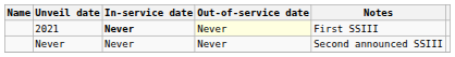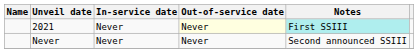 <table class="wikitable sortable">
 <tr>
 <th>Name</th>
 <th>Unveil date</th>
 <th>In-service date</th>
 <th>Out-of-service date</th>
 <th class=unsortable>Notes</th>
 <th class=unsortable></th>
 </tr>
 <tr>
 <td></td>
 <td>2021</td>
-<td><strong>Never</strong></td>
+<td>Never</td>
 <td style="background: lightyellow;">Never</td>
-<td>First SSIII</td>
+<td style="background: paleturquoise;">First SSIII</td>
 <td></td>
 </tr>
 <tr>
 <td></td>
 <td>Never</td>
 <td>Never</td>
 <td>Never</td>
 <td>Second announced SSIII</td>
 <td></td>
 </tr>
 <tr>
 </tr>
 </table>
